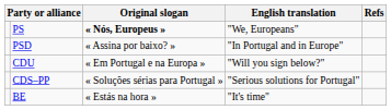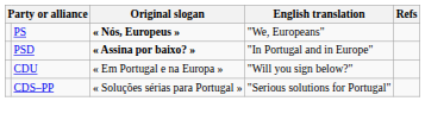 <table class="wikitable" style="font-size:97%; text-align:left;">
 <tr>
 <th style="text-align:left;" colspan="2">Party or alliance</th>
 <th>Original slogan</th>
 <th>English translation</th>
 <th>Refs</th>
 </tr>
 <tr>
 <td width="1" style="color:inherit;background:"></td>
 <td><a href='#'>PS</a></td>
 <td><strong>« Nós, Europeus »</strong></td>
 <td>"We, Europeans"</td>
 <td></td>
 </tr>
 <tr>
 <td style="color:inherit;background:"></td>
 <td><a href='#'>PSD</a></td>
-<td>« Assina por baixo? »</td>
+<td><strong>« Assina por baixo? »</strong></td>
 <td>"In Portugal and in Europe"</td>
 <td></td>
 </tr>
 <tr>
 <td style="color:inherit;background:"></td>
 <td><a href='#'>CDU</a></td>
 <td>« Em Portugal e na Europa »</td>
 <td>"Will you sign below?"</td>
 <td></td>
 </tr>
 <tr>
 <td style="color:inherit;background:"></td>
 <td><a href='#'>CDS–PP</a></td>
 <td>« Soluções sérias para Portugal »</td>
 <td>"Serious solutions for Portugal"</td>
 <td></td>
 </tr>
-<tr>
-<td style="color:inherit;background:"></td>
-<td><a href='#'>BE</a></td>
-<td>« Estás na hora »</td>
-<td>"It's time"</td>
-<td></td>
-</tr>
 </table>
